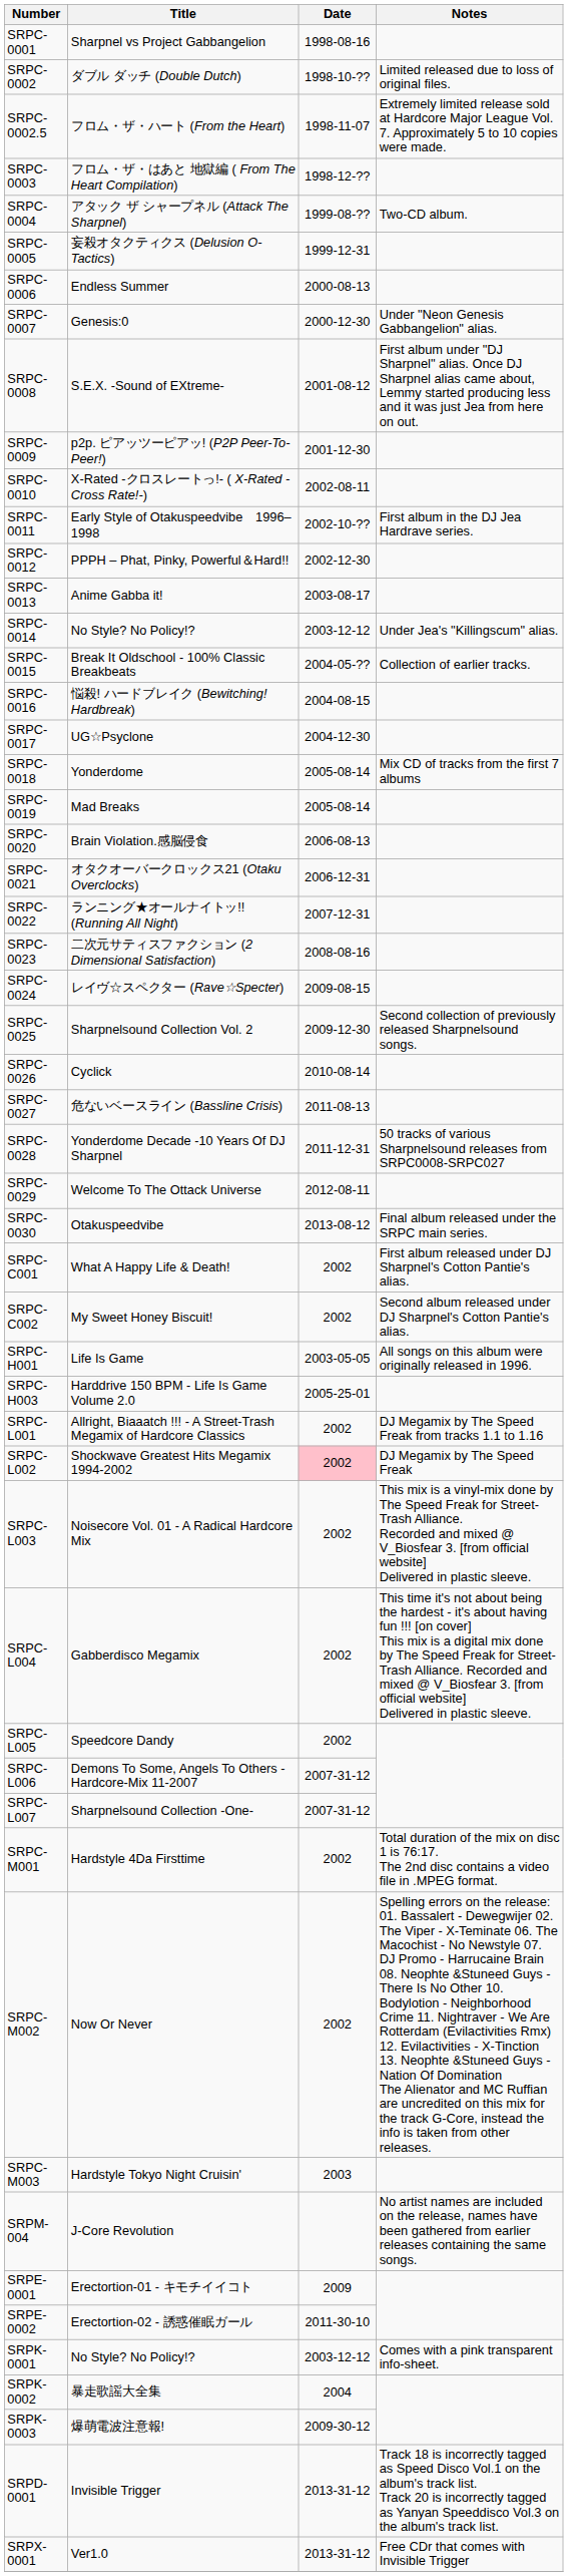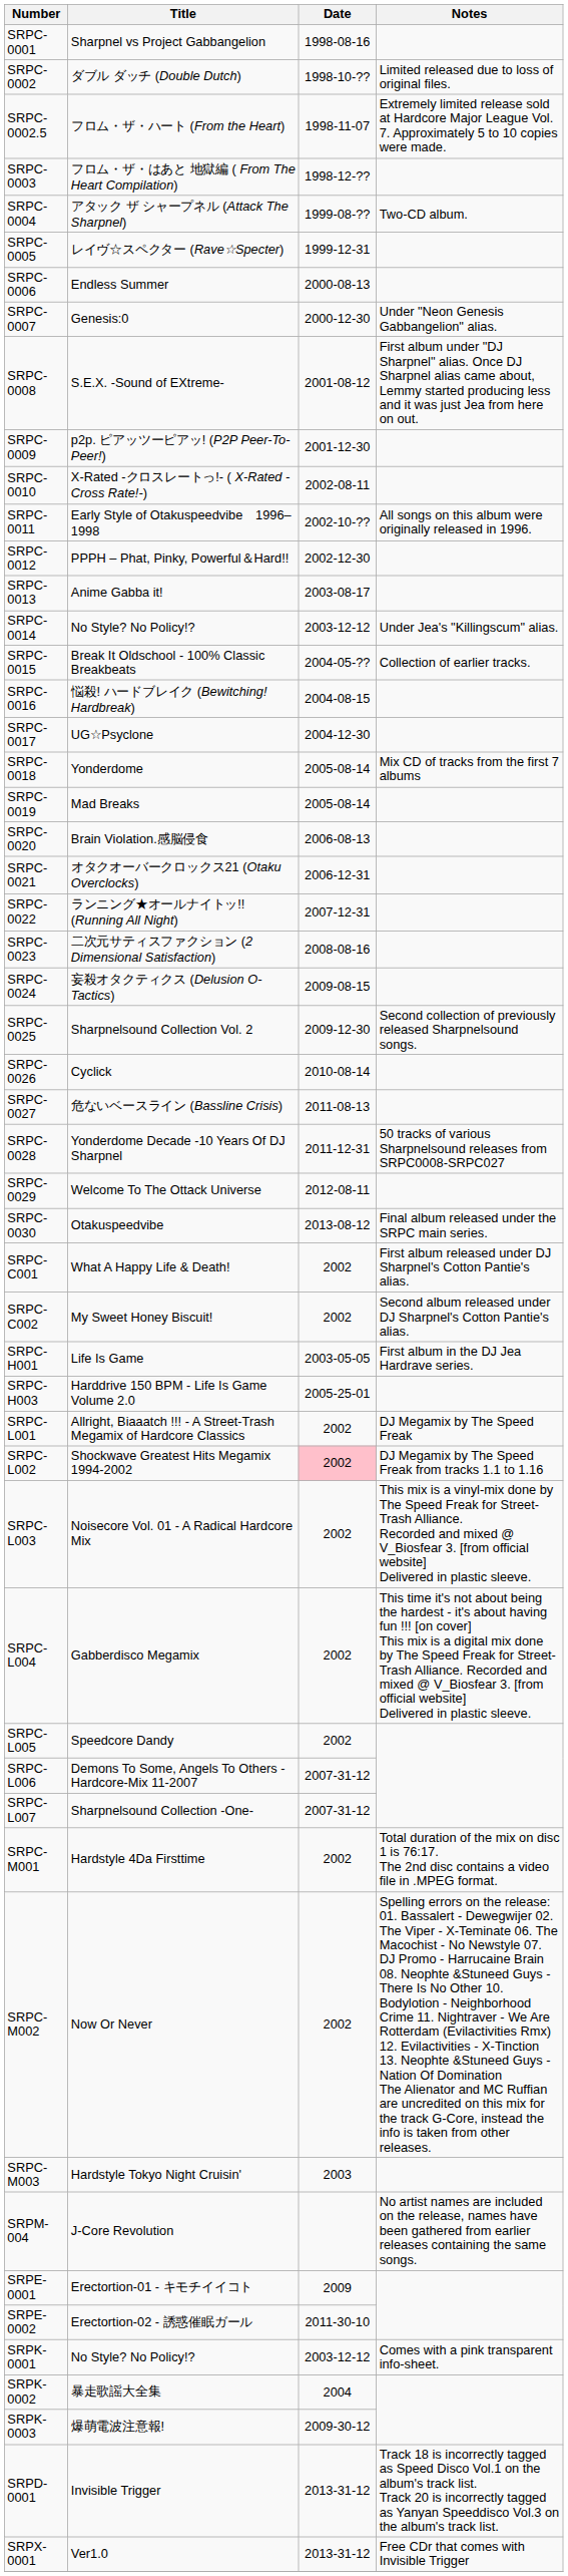 <table class="wikitable" title="Test">
 <tr>
 <th style="width:72px;">Number</th>
 <th style="width:280px;">Title</th>
 <th style="width:90px;">Date</th>
 <th style="width:225px;">Notes</th>
 </tr>
 <tr>
 <td>SRPC-0001</td>
 <td>Sharpnel vs Project Gabbangelion</td>
 <td style="text-align:center;">1998-08-16</td>
 <td></td>
 </tr>
 <tr>
 <td>SRPC-0002</td>
 <td>ダブル ダッチ (<em>Double Dutch</em>)</td>
 <td style="text-align:center;">1998-10-??</td>
 <td>Limited released due to loss of original files.</td>
 </tr>
 <tr>
 <td>SRPC-0002.5</td>
 <td>フロム・ザ・ハート (<em>From the Heart</em>)</td>
 <td style="text-align:center;">1998-11-07</td>
 <td>Extremely limited release sold at Hardcore Major League Vol. 7. Approximately 5 to 10 copies were made.</td>
 </tr>
 <tr>
 <td>SRPC-0003</td>
 <td>フロム・ザ・はあと 地獄編 (<em> From The Heart Compilation</em>)</td>
 <td style="text-align:center;">1998-12-??</td>
 <td></td>
 </tr>
 <tr>
 <td>SRPC-0004</td>
 <td>アタック ザ シャープネル (<em>Attack The Sharpnel</em>)</td>
 <td style="text-align:center;">1999-08-??</td>
 <td>Two-CD album.</td>
 </tr>
 <tr>
 <td>SRPC-0005</td>
-<td>妄殺オタクティクス (<em>Delusion O-Tactics</em>)</td>
+<td>レイヴ☆スペクター (<em>Rave☆Specter</em>)</td>
 <td style="text-align:center;">1999-12-31</td>
 <td></td>
 </tr>
 <tr>
 <td>SRPC-0006</td>
 <td>Endless Summer</td>
 <td style="text-align:center;">2000-08-13</td>
 <td></td>
 </tr>
 <tr>
 <td>SRPC-0007</td>
 <td>Genesis:0</td>
 <td style="text-align:center;">2000-12-30</td>
 <td>Under "Neon Genesis Gabbangelion" alias.</td>
 </tr>
 <tr>
 <td>SRPC-0008</td>
 <td>S.E.X. -Sound of EXtreme-</td>
 <td style="text-align:center;">2001-08-12</td>
 <td>First album under "DJ Sharpnel" alias. Once DJ Sharpnel alias came about, Lemmy started producing less and it was just Jea from here on out.</td>
 </tr>
 <tr>
 <td>SRPC-0009</td>
 <td>p2p. ピアッツーピアッ! (<em>P2P Peer-To-Peer!</em>)</td>
 <td style="text-align:center;">2001-12-30</td>
 <td></td>
 </tr>
 <tr>
 <td>SRPC-0010</td>
 <td>X-Rated -クロスレートっ!- (<em> X-Rated -Cross Rate!-</em>)</td>
 <td style="text-align:center;">2002-08-11</td>
 <td></td>
 </tr>
 <tr>
 <td>SRPC-0011</td>
 <td>Early Style of Otakuspeedvibe　1996–1998</td>
 <td style="text-align:center;">2002-10-??</td>
-<td>First album in the DJ Jea Hardrave series.</td>
+<td>All songs on this album were originally released in 1996.</td>
 </tr>
 <tr>
 <td>SRPC-0012</td>
 <td>PPPH – Phat, Pinky, Powerful＆Hard!!</td>
 <td style="text-align:center;">2002-12-30</td>
 <td></td>
 </tr>
 <tr>
 <td>SRPC-0013</td>
 <td>Anime Gabba it!</td>
 <td style="text-align:center;">2003-08-17</td>
 <td></td>
 </tr>
 <tr>
 <td>SRPC-0014</td>
 <td>No Style? No Policy!?</td>
 <td style="text-align:center;">2003-12-12</td>
 <td>Under Jea's "Killingscum" alias.</td>
 </tr>
 <tr>
 <td>SRPC-0015</td>
 <td>Break It Oldschool - 100% Classic Breakbeats</td>
 <td style="text-align:center;">2004-05-??</td>
 <td>Collection of earlier tracks.</td>
 </tr>
 <tr>
 <td>SRPC-0016</td>
 <td>悩殺! ハードブレイク (<em>Bewitching! Hardbreak</em>)</td>
 <td style="text-align:center;">2004-08-15</td>
 <td></td>
 </tr>
 <tr>
 <td>SRPC-0017</td>
 <td>UG☆Psyclone</td>
 <td style="text-align:center;">2004-12-30</td>
 <td></td>
 </tr>
 <tr>
 <td>SRPC-0018</td>
 <td>Yonderdome</td>
 <td style="text-align:center;">2005-08-14</td>
 <td>Mix CD of tracks from the first 7 albums</td>
 </tr>
 <tr>
 <td>SRPC-0019</td>
 <td>Mad Breaks</td>
 <td style="text-align:center;">2005-08-14</td>
 <td></td>
 </tr>
 <tr>
 <td>SRPC-0020</td>
 <td>Brain Violation.感脳侵食</td>
 <td style="text-align:center;">2006-08-13</td>
 <td></td>
 </tr>
 <tr>
 <td>SRPC-0021</td>
 <td>オタクオーバークロックス21 (<em>Otaku Overclocks</em>)</td>
 <td style="text-align:center;">2006-12-31</td>
 <td></td>
 </tr>
 <tr>
 <td>SRPC-0022</td>
 <td>ランニング★オールナイトッ!! (<em>Running All Night</em>)</td>
 <td style="text-align:center;">2007-12-31</td>
 <td></td>
 </tr>
 <tr>
 <td>SRPC-0023</td>
 <td>二次元サティスファクション (<em>2 Dimensional Satisfaction</em>)</td>
 <td style="text-align:center;">2008-08-16</td>
 <td></td>
 </tr>
 <tr>
 <td>SRPC-0024</td>
-<td>レイヴ☆スペクター (<em>Rave☆Specter</em>)</td>
+<td>妄殺オタクティクス (<em>Delusion O-Tactics</em>)</td>
 <td style="text-align:center;">2009-08-15</td>
 <td></td>
 </tr>
 <tr>
 <td>SRPC-0025</td>
 <td>Sharpnelsound Collection Vol. 2</td>
 <td style="text-align:center;">2009-12-30</td>
 <td>Second collection of previously released Sharpnelsound songs.</td>
 </tr>
 <tr>
 <td>SRPC-0026</td>
 <td>Cyclick</td>
 <td style="text-align:center;">2010-08-14</td>
 <td></td>
 </tr>
 <tr>
 <td>SRPC-0027</td>
 <td>危ないベースライン (<em>Bassline Crisis</em>)</td>
 <td style="text-align:center;">2011-08-13</td>
 <td></td>
 </tr>
 <tr>
 <td>SRPC-0028</td>
 <td>Yonderdome Decade -10 Years Of DJ Sharpnel</td>
 <td style="text-align:center;">2011-12-31</td>
 <td>50 tracks of various Sharpnelsound releases from SRPC0008-SRPC027</td>
 </tr>
 <tr>
 <td>SRPC-0029</td>
 <td>Welcome To The Ottack Universe</td>
 <td style="text-align:center;">2012-08-11</td>
 </tr>
 <tr>
 <td>SRPC-0030</td>
 <td>Otakuspeedvibe</td>
 <td style="text-align:center;">2013-08-12</td>
 <td>Final album released under the SRPC main series.</td>
 </tr>
 <tr>
 <td>SRPC-C001</td>
 <td>What A Happy Life & Death!</td>
 <td style="text-align:center;">2002</td>
 <td>First album released under DJ Sharpnel's Cotton Pantie's alias.</td>
 </tr>
 <tr>
 <td>SRPC-C002</td>
 <td>My Sweet Honey Biscuit!</td>
 <td style="text-align:center;">2002</td>
 <td>Second album released under DJ Sharpnel's Cotton Pantie's alias.</td>
 </tr>
 <tr>
 <td>SRPC-H001</td>
 <td>Life Is Game</td>
 <td style="text-align:center;">2003-05-05</td>
-<td>All songs on this album were originally released in 1996.</td>
+<td>First album in the DJ Jea Hardrave series.</td>
 </tr>
 <tr>
 <td>SRPC-H003</td>
 <td>Harddrive 150 BPM - Life Is Game Volume 2.0</td>
 <td style="text-align:center;">2005-25-01</td>
 </tr>
 <tr>
 <td>SRPC-L001</td>
 <td>Allright, Biaaatch !!! - A Street-Trash Megamix of Hardcore Classics</td>
 <td style="text-align:center;">2002</td>
-<td>DJ Megamix by The Speed Freak from tracks 1.1 to 1.16</td>
+<td>DJ Megamix by The Speed Freak</td>
 </tr>
 <tr>
 <td>SRPC-L002</td>
 <td>Shockwave Greatest Hits Megamix 1994-2002</td>
 <td style="background: pink; text-align:center;">2002</td>
-<td>DJ Megamix by The Speed Freak</td>
+<td>DJ Megamix by The Speed Freak from tracks 1.1 to 1.16</td>
 </tr>
 <tr>
 <td>SRPC-L003</td>
 <td>Noisecore Vol. 01 - A Radical Hardcore Mix</td>
 <td style="text-align:center;">2002</td>
 <td>This mix is a vinyl-mix done by The Speed Freak for Street-Trash Alliance.<br>Recorded and mixed @ V_Biosfear 3. [from official website]<br>Delivered in plastic sleeve.</td>
 </tr>
 <tr>
 <td>SRPC-L004</td>
 <td>Gabberdisco Megamix</td>
 <td style="text-align:center;">2002</td>
 <td>This time it's not about being the hardest - it's about having fun !!! [on cover]<br>This mix is a digital mix done by The Speed Freak for Street-Trash Alliance. Recorded and mixed @ V_Biosfear 3. [from official website]<br>Delivered in plastic sleeve.</td>
 </tr>
 <tr>
 <td>SRPC-L005</td>
 <td>Speedcore Dandy</td>
 <td style="text-align:center;">2002</td>
 </tr>
 <tr>
 <td>SRPC-L006</td>
 <td>Demons To Some, Angels To Others - Hardcore-Mix 11-2007</td>
 <td style="text-align:center;">2007-31-12</td>
 </tr>
 <tr>
 <td>SRPC-L007</td>
 <td>Sharpnelsound Collection -One-</td>
 <td style="text-align:center;">2007-31-12</td>
 </tr>
 <tr>
 <td>SRPC-M001</td>
 <td>Hardstyle 4Da Firsttime</td>
 <td style="text-align:center;">2002</td>
 <td>Total duration of the mix on disc 1 is 76:17.<br>The 2nd disc contains a video file in .MPEG format.</td>
 </tr>
 <tr>
 <td>SRPC-M002</td>
 <td>Now Or Never</td>
 <td style="text-align:center;">2002</td>
 <td>Spelling errors on the release:<br>01. Bassalert - Dewegwijer 02. The Viper - X-Teminate 06. The Macochist - No Newstyle 07. DJ Promo - Harrucaine Brain 08. Neophte &Stuneed Guys - There Is No Other 10. Bodylotion - Neighborhood Crime 11. Nightraver - We Are Rotterdam (Evilactivities Rmx) 12. Evilactivities - X-Tinction 13. Neophte &Stuneed Guys - Nation Of Domination<br>The Alienator and MC Ruffian are uncredited on this mix for the track G-Core, instead the info is taken from other releases.</td>
 </tr>
 <tr>
 <td>SRPC-M003</td>
 <td>Hardstyle Tokyo Night Cruisin'</td>
 <td style="text-align:center;">2003</td>
 <td></td>
 </tr>
 <tr>
 <td>SRPM-004</td>
 <td>J-Core Revolution</td>
 <td></td>
 <td>No artist names are included on the release, names have been gathered from earlier releases containing the same songs.</td>
 </tr>
 <tr>
 <td>SRPE-0001</td>
 <td>Erectortion-01 - キモチイイコト</td>
 <td style="text-align:center;">2009</td>
 </tr>
 <tr>
 <td>SRPE-0002</td>
 <td>Erectortion-02 - 誘惑催眠ガール</td>
 <td style="text-align:center;">2011-30-10</td>
 </tr>
 <tr>
 <td>SRPK-0001</td>
 <td>No Style? No Policy!?</td>
 <td style="text-align:center;">2003-12-12</td>
 <td>Comes with a pink transparent info-sheet.</td>
 </tr>
 <tr>
 <td>SRPK-0002</td>
 <td>暴走歌謡大全集</td>
 <td style="text-align:center;">2004</td>
 </tr>
 <tr>
 <td>SRPK-0003</td>
 <td>爆萌電波注意報!</td>
 <td style="text-align:center;">2009-30-12</td>
 </tr>
 <tr>
 <td>SRPD-0001</td>
 <td>Invisible Trigger</td>
 <td style="text-align:center;">2013-31-12</td>
 <td>Track 18 is incorrectly tagged as Speed Disco Vol.1 on the album's track list.<br>Track 20 is incorrectly tagged as Yanyan Speeddisco Vol.3 on the album's track list.</td>
 </tr>
 <tr>
 <td>SRPX-0001</td>
 <td>Ver1.0</td>
 <td style="text-align:center;">2013-31-12</td>
 <td>Free CDr that comes with Invisible Trigger </td>
 </tr>
 <tr>
 </tr>
 </table>
